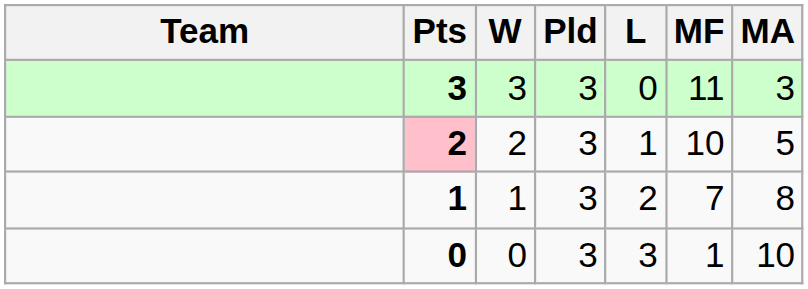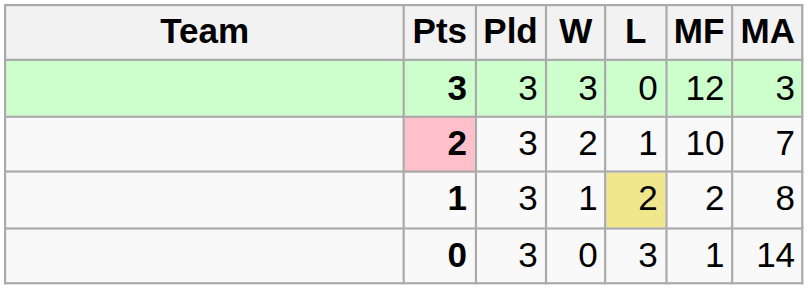 <table class=wikitable style="text-align:right">
 <tr>
 <th width=175>Team</th>
 <th width=20>Pts</th>
+<th width=20>Pld</th>
 <th width=20>W</th>
-<th width=20>Pld</th>
 <th width=20>L</th>
 <th width=20>MF</th>
 <th width=20>MA</th>
 </tr>
 <tr bgcolor=ccffcc>
 <td style="text-align:left"><strong></strong></td>
 <td><strong>3</strong></td>
 <td>3</td>
 <td>3</td>
 <td>0</td>
-<td>11</td>
+<td>12</td>
 <td>3</td>
 </tr>
 <tr>
 <td style="text-align:left"></td>
 <td style="background: pink;"><strong>2</strong></td>
+<td>3</td>
 <td>2</td>
-<td>3</td>
 <td>1</td>
 <td>10</td>
-<td>5</td>
+<td>7</td>
 </tr>
 <tr>
 <td style="text-align:left"></td>
 <td><strong>1</strong></td>
+<td>3</td>
 <td>1</td>
-<td>3</td>
+<td style="background: khaki;">2</td>
 <td>2</td>
-<td>7</td>
 <td>8</td>
 </tr>
 <tr>
 <td style="text-align:left"></td>
 <td><strong>0</strong></td>
+<td>3</td>
 <td>0</td>
 <td>3</td>
-<td>3</td>
 <td>1</td>
-<td>10</td>
+<td>14</td>
 </tr>
 </table>
